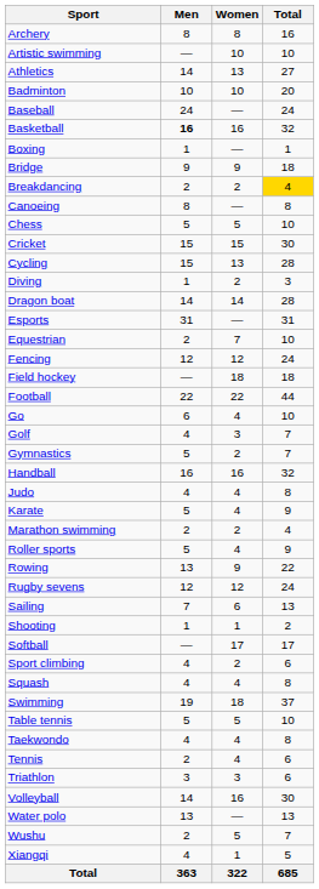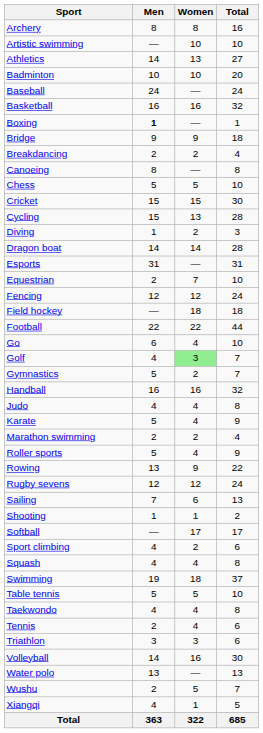 <table class="wikitable" style="text-align:center;">
 <tr>
 <th width=200>Sport</th>
 <th width=60>Men</th>
 <th width=60>Women</th>
 <th width=60>Total</th>
 </tr>
 <tr>
 <td align=left><a href='#'>Archery</a></td>
 <td>8</td>
 <td>8</td>
 <td>16</td>
 </tr>
 <tr>
 <td align=left><a href='#'>Artistic swimming</a></td>
 <td>—</td>
 <td>10</td>
 <td>10</td>
 </tr>
 <tr>
 <td align=left><a href='#'>Athletics</a></td>
 <td>14</td>
 <td>13</td>
 <td>27</td>
 </tr>
 <tr>
 <td align=left><a href='#'>Badminton</a></td>
 <td>10</td>
 <td>10</td>
 <td>20</td>
 </tr>
 <tr>
 <td align=left><a href='#'>Baseball</a></td>
 <td>24</td>
 <td>—</td>
 <td>24</td>
 </tr>
 <tr>
 <td align=left><a href='#'>Basketball</a></td>
-<td><strong>16</strong></td>
+<td>16</td>
 <td>16</td>
 <td>32</td>
 </tr>
 <tr>
 <td align=left><a href='#'>Boxing</a></td>
-<td>1</td>
+<td><strong>1</strong></td>
 <td>—</td>
 <td>1</td>
 </tr>
 <tr>
 <td align=left><a href='#'>Bridge</a></td>
 <td>9</td>
 <td>9</td>
 <td>18</td>
 </tr>
 <tr>
 <td align=left><a href='#'>Breakdancing</a></td>
 <td>2</td>
 <td>2</td>
-<td style="background: gold;">4</td>
+<td>4</td>
 </tr>
 <tr>
 <td align=left><a href='#'>Canoeing</a></td>
 <td>8</td>
 <td>—</td>
 <td>8</td>
 </tr>
 <tr>
 <td align=left><a href='#'>Chess</a></td>
 <td>5</td>
 <td>5</td>
 <td>10</td>
 </tr>
 <tr>
 <td align=left><a href='#'>Cricket</a></td>
 <td>15</td>
 <td>15</td>
 <td>30</td>
 </tr>
 <tr>
 <td align=left><a href='#'>Cycling</a></td>
 <td>15</td>
 <td>13</td>
 <td>28</td>
 </tr>
 <tr>
 <td align=left><a href='#'>Diving</a></td>
 <td>1</td>
 <td>2</td>
 <td>3</td>
 </tr>
 <tr>
 <td align=left><a href='#'>Dragon boat</a></td>
 <td>14</td>
 <td>14</td>
 <td>28</td>
 </tr>
 <tr>
 <td align=left><a href='#'>Esports</a></td>
 <td>31</td>
 <td>—</td>
 <td>31</td>
 </tr>
 <tr>
 <td align=left><a href='#'>Equestrian</a></td>
 <td>2</td>
 <td>7</td>
 <td>10</td>
 </tr>
 <tr>
 <td align=left><a href='#'>Fencing</a></td>
 <td>12</td>
 <td>12</td>
 <td>24</td>
 </tr>
 <tr>
 <td align=left><a href='#'>Field hockey</a></td>
 <td>—</td>
 <td>18</td>
 <td>18</td>
 </tr>
 <tr>
 <td align=left><a href='#'>Football</a></td>
 <td>22</td>
 <td>22</td>
 <td>44</td>
 </tr>
 <tr>
 <td align=left><a href='#'>Go</a></td>
 <td>6</td>
 <td>4</td>
 <td>10</td>
 </tr>
 <tr>
 <td align=left><a href='#'>Golf</a></td>
 <td>4</td>
-<td>3</td>
+<td style="background: lightgreen;">3</td>
 <td>7</td>
 </tr>
 <tr>
 <td align=left><a href='#'>Gymnastics</a></td>
 <td>5</td>
 <td>2</td>
 <td>7</td>
 </tr>
 <tr>
 <td align=left><a href='#'>Handball</a></td>
 <td>16</td>
 <td>16</td>
 <td>32</td>
 </tr>
 <tr>
 <td align=left><a href='#'>Judo</a></td>
 <td>4</td>
 <td>4</td>
 <td>8</td>
 </tr>
 <tr>
 <td align=left><a href='#'>Karate</a></td>
 <td>5</td>
 <td>4</td>
 <td>9</td>
 </tr>
 <tr>
 <td align=left><a href='#'>Marathon swimming</a></td>
 <td>2</td>
 <td>2</td>
 <td>4</td>
 </tr>
 <tr>
 <td align=left><a href='#'>Roller sports</a></td>
 <td>5</td>
 <td>4</td>
 <td>9</td>
 </tr>
 <tr>
 <td align=left><a href='#'>Rowing</a></td>
 <td>13</td>
 <td>9</td>
 <td>22</td>
 </tr>
 <tr>
 <td align=left><a href='#'>Rugby sevens</a></td>
 <td>12</td>
 <td>12</td>
 <td>24</td>
 </tr>
 <tr>
 <td align=left><a href='#'>Sailing</a></td>
 <td>7</td>
 <td>6</td>
 <td>13</td>
 </tr>
 <tr>
 <td align=left><a href='#'>Shooting</a></td>
 <td>1</td>
 <td>1</td>
 <td>2</td>
 </tr>
 <tr>
 <td align=left><a href='#'>Softball</a></td>
 <td>—</td>
 <td>17</td>
 <td>17</td>
 </tr>
 <tr>
 <td align=left><a href='#'>Sport climbing</a></td>
 <td>4</td>
 <td>2</td>
 <td>6</td>
 </tr>
 <tr>
 <td align=left><a href='#'>Squash</a></td>
 <td>4</td>
 <td>4</td>
 <td>8</td>
 </tr>
 <tr>
 <td align=left><a href='#'>Swimming</a></td>
 <td>19</td>
 <td>18</td>
 <td>37</td>
 </tr>
 <tr>
 <td align=left><a href='#'>Table tennis</a></td>
 <td>5</td>
 <td>5</td>
 <td>10</td>
 </tr>
 <tr>
 <td align=left><a href='#'>Taekwondo</a></td>
 <td>4</td>
 <td>4</td>
 <td>8</td>
 </tr>
 <tr>
 <td align=left><a href='#'>Tennis</a></td>
 <td>2</td>
 <td>4</td>
 <td>6</td>
 </tr>
 <tr>
 <td align=left><a href='#'>Triathlon</a></td>
 <td>3</td>
 <td>3</td>
 <td>6</td>
 </tr>
 <tr>
 <td align=left><a href='#'>Volleyball</a></td>
 <td>14</td>
 <td>16</td>
 <td>30</td>
 </tr>
 <tr>
 <td align=left><a href='#'>Water polo</a></td>
 <td>13</td>
 <td>—</td>
 <td>13</td>
 </tr>
 <tr>
 <td align=left><a href='#'>Wushu</a></td>
 <td>2</td>
 <td>5</td>
 <td>7</td>
 </tr>
 <tr>
 <td align=left><a href='#'>Xiangqi</a></td>
 <td>4</td>
 <td>1</td>
 <td>5</td>
 </tr>
 <tr>
 <th>Total</th>
 <th>363</th>
 <th>322</th>
 <th>685</th>
 </tr>
 </table>
